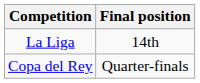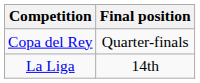 <table class="wikitable" style="font-size:100%; text-align:center">
 <tr>
 <th>Competition</th>
 <th>Final position</th>
 </tr>
 <tr style="background:">
+<td><a href='#'>Copa del Rey</a></td>
+<td>Quarter-finals</td>
+</tr>
+<tr style="background:">
 <td><a href='#'>La Liga</a></td>
 <td>14th</td>
 </tr>
-<tr style="background:">
-<td><a href='#'>Copa del Rey</a></td>
-<td>Quarter-finals</td>
-</tr>
 </table>
